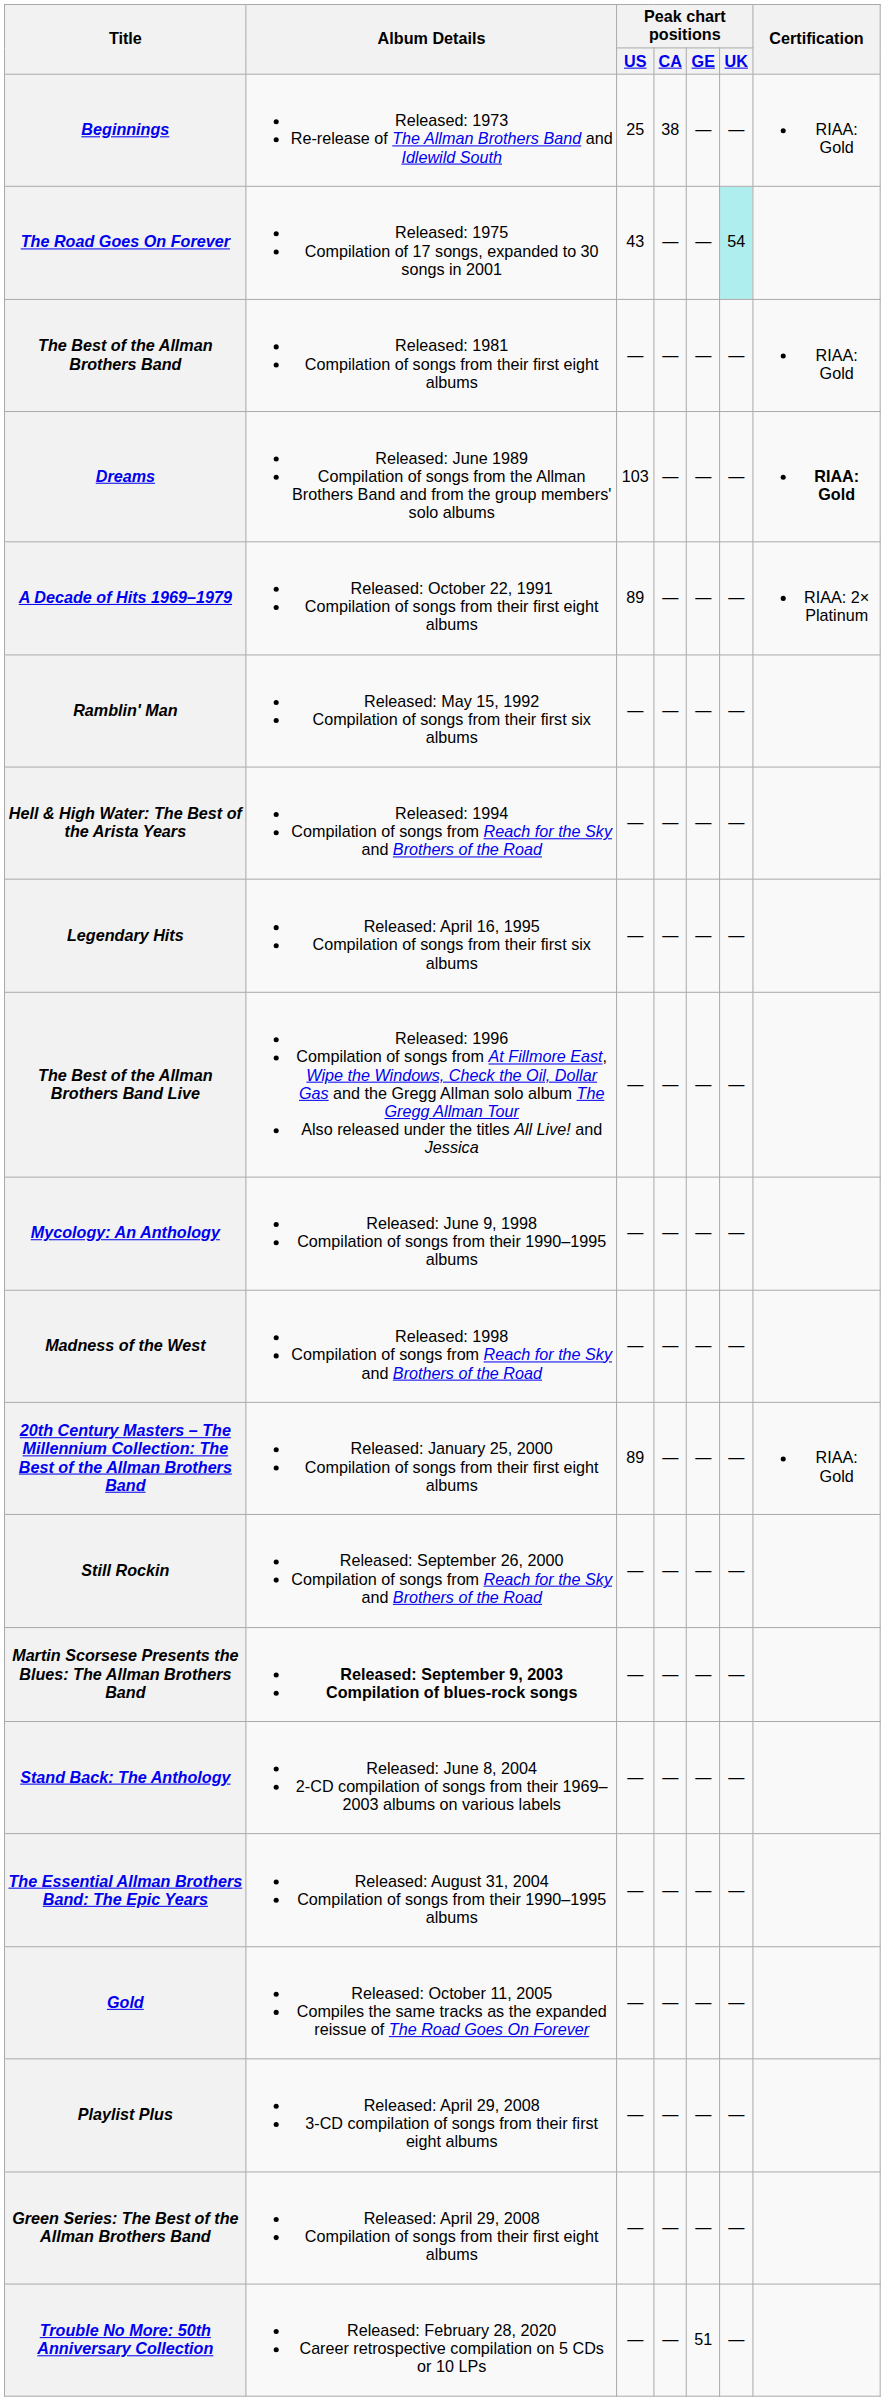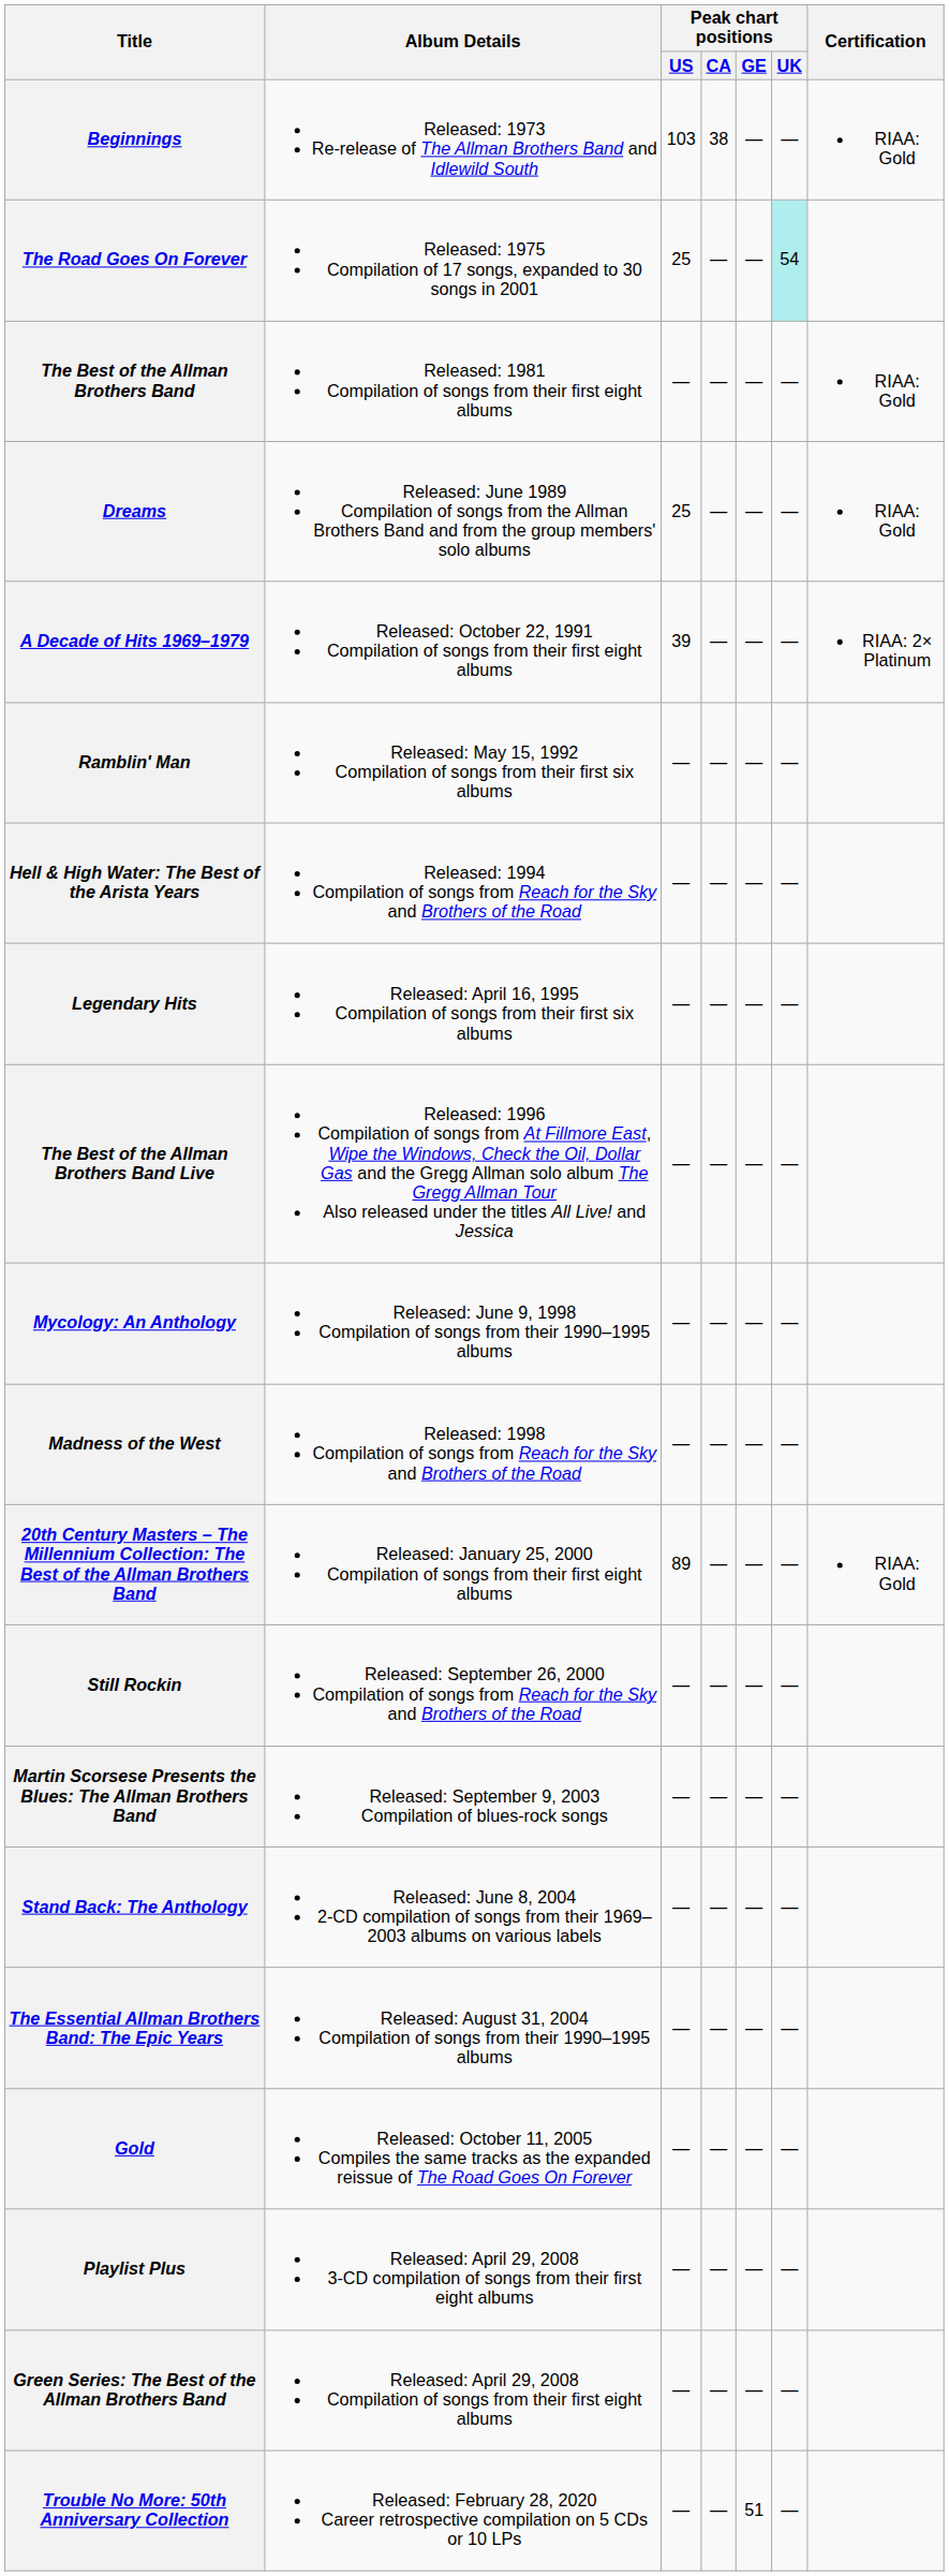 <table class="wikitable plainrowheaders" style="text-align:center;">
 <tr>
 <th rowspan="2">Title</th>
 <th rowspan="2">Album Details</th>
 <th colspan="4">Peak chart positions</th>
 <th rowspan="2">Certification</th>
 </tr>
 <tr>
 <th><a href='#'>US</a><br></th>
 <th><a href='#'>CA</a><br></th>
 <th><a href='#'>GE</a><br></th>
 <th><a href='#'>UK</a><br></th>
 </tr>
 <tr>
 <th scope="row"><em><a href='#'>Beginnings</a></em></th>
 <td><br><ul><li>Released: 1973</li><li>Re-release of <em><a href='#'>The Allman Brothers Band</a></em> and <em><a href='#'>Idlewild South</a></em></li></ul></td>
-<td>25</td>
+<td>103</td>
 <td>38</td>
 <td>—</td>
 <td>—</td>
 <td><br><ul><li>RIAA: Gold</li></ul></td>
 </tr>
 <tr>
 <th scope="row"><em><a href='#'>The Road Goes On Forever</a></em></th>
 <td><br><ul><li>Released: 1975</li><li>Compilation of 17 songs, expanded to 30 songs in 2001</li></ul></td>
-<td>43</td>
+<td>25</td>
 <td>—</td>
 <td>—</td>
 <td style="background: paleturquoise;">54</td>
 <td></td>
 </tr>
 <tr>
 <th scope="row"><em>The Best of the Allman Brothers Band</em></th>
 <td><br><ul><li>Released: 1981</li><li>Compilation of songs from their first eight albums</li></ul></td>
 <td>—</td>
 <td>—</td>
 <td>—</td>
 <td>—</td>
 <td><br><ul><li>RIAA: Gold</li></ul></td>
 </tr>
 <tr>
 <th scope="row"><em><a href='#'>Dreams</a></em></th>
 <td><br><ul><li>Released: June 1989</li><li>Compilation of songs from the Allman Brothers Band and from the group members' solo albums</li></ul></td>
-<td>103</td>
+<td>25</td>
 <td>—</td>
 <td>—</td>
 <td>—</td>
-<td><strong><br><ul><li>RIAA: Gold</li></ul></strong></td>
+<td><br><ul><li>RIAA: Gold</li></ul></td>
 </tr>
 <tr>
 <th scope="row"><em><a href='#'>A Decade of Hits 1969–1979</a></em></th>
 <td><br><ul><li>Released: October 22, 1991</li><li>Compilation of songs from their first eight albums</li></ul></td>
-<td>89</td>
+<td>39</td>
 <td>—</td>
 <td>—</td>
 <td>—</td>
 <td><br><ul><li>RIAA: 2× Platinum</li></ul></td>
 </tr>
 <tr>
 <th scope="row"><em>Ramblin' Man</em></th>
 <td><br><ul><li>Released: May 15, 1992</li><li>Compilation of songs from their first six albums</li></ul></td>
 <td>—</td>
 <td>—</td>
 <td>—</td>
 <td>—</td>
 <td></td>
 </tr>
 <tr>
 <th scope="row"><em>Hell & High Water: The Best of the Arista Years</em></th>
 <td><br><ul><li>Released: 1994</li><li>Compilation of songs from <em><a href='#'>Reach for the Sky</a></em> and <em><a href='#'>Brothers of the Road</a></em></li></ul></td>
 <td>—</td>
 <td>—</td>
 <td>—</td>
 <td>—</td>
 <td></td>
 </tr>
 <tr>
 <th scope="row"><em>Legendary Hits</em></th>
 <td><br><ul><li>Released: April 16, 1995</li><li>Compilation of songs from their first six albums</li></ul></td>
 <td>—</td>
 <td>—</td>
 <td>—</td>
 <td>—</td>
 <td></td>
 </tr>
 <tr>
 <th scope="row"><em>The Best of the Allman Brothers Band Live</em></th>
 <td><br><ul><li>Released: 1996</li><li>Compilation of songs from <em><a href='#'>At Fillmore East</a></em>, <em><a href='#'>Wipe the Windows, Check the Oil, Dollar Gas</a></em> and the Gregg Allman solo album <em><a href='#'>The Gregg Allman Tour</a></em></li><li>Also released under the titles <em>All Live!</em> and <em>Jessica</em></li></ul></td>
 <td>—</td>
 <td>—</td>
 <td>—</td>
 <td>—</td>
 <td></td>
 </tr>
 <tr>
 <th scope="row"><em><a href='#'>Mycology: An Anthology</a></em></th>
 <td><br><ul><li>Released: June 9, 1998</li><li>Compilation of songs from their 1990–1995 albums</li></ul></td>
 <td>—</td>
 <td>—</td>
 <td>—</td>
 <td>—</td>
 <td></td>
 </tr>
 <tr>
 <th scope="row"><em>Madness of the West</em></th>
 <td><br><ul><li>Released: 1998</li><li>Compilation of songs from <em><a href='#'>Reach for the Sky</a></em> and <em><a href='#'>Brothers of the Road</a></em></li></ul></td>
 <td>—</td>
 <td>—</td>
 <td>—</td>
 <td>—</td>
 <td></td>
 </tr>
 <tr>
 <th scope="row"><em><a href='#'>20th Century Masters – The Millennium Collection: The Best of the Allman Brothers Band</a></em></th>
 <td><br><ul><li>Released: January 25, 2000</li><li>Compilation of songs from their first eight albums</li></ul></td>
 <td>89</td>
 <td>—</td>
 <td>—</td>
 <td>—</td>
 <td><br><ul><li>RIAA: Gold</li></ul></td>
 </tr>
 <tr>
 <th scope="row"><em>Still Rockin</em></th>
 <td><br><ul><li>Released: September 26, 2000</li><li>Compilation of songs from <em><a href='#'>Reach for the Sky</a></em> and <em><a href='#'>Brothers of the Road</a></em></li></ul></td>
 <td>—</td>
 <td>—</td>
 <td>—</td>
 <td>—</td>
 <td></td>
 </tr>
 <tr>
 <th scope="row"><em>Martin Scorsese Presents the Blues: The Allman Brothers Band</em></th>
-<td><strong><br><ul><li>Released: September 9, 2003</li><li>Compilation of blues-rock songs</li></ul></strong></td>
+<td><br><ul><li>Released: September 9, 2003</li><li>Compilation of blues-rock songs</li></ul></td>
 <td>—</td>
 <td>—</td>
 <td>—</td>
 <td>—</td>
 <td></td>
 </tr>
 <tr>
 <th scope="row"><em><a href='#'>Stand Back: The Anthology</a></em></th>
 <td><br><ul><li>Released: June 8, 2004</li><li>2-CD compilation of songs from their 1969–2003 albums on various labels</li></ul></td>
 <td>—</td>
 <td>—</td>
 <td>—</td>
 <td>—</td>
 <td></td>
 </tr>
 <tr>
 <th scope="row"><em><a href='#'>The Essential Allman Brothers Band: The Epic Years</a></em></th>
 <td><br><ul><li>Released: August 31, 2004</li><li>Compilation of songs from their 1990–1995 albums</li></ul></td>
 <td>—</td>
 <td>—</td>
 <td>—</td>
 <td>—</td>
 <td></td>
 </tr>
 <tr>
 <th scope="row"><em><a href='#'>Gold</a></em></th>
 <td><br><ul><li>Released: October 11, 2005</li><li>Compiles the same tracks as the expanded reissue of <em><a href='#'>The Road Goes On Forever</a></em></li></ul></td>
 <td>—</td>
 <td>—</td>
 <td>—</td>
 <td>—</td>
 <td></td>
 </tr>
 <tr>
 <th scope="row"><em>Playlist Plus</em></th>
 <td><br><ul><li>Released: April 29, 2008</li><li>3-CD compilation of songs from their first eight albums</li></ul></td>
 <td>—</td>
 <td>—</td>
 <td>—</td>
 <td>—</td>
 <td></td>
 </tr>
 <tr>
 <th scope="row"><em>Green Series: The Best of the Allman Brothers Band</em></th>
 <td><br><ul><li>Released: April 29, 2008</li><li>Compilation of songs from their first eight albums</li></ul></td>
 <td>—</td>
 <td>—</td>
 <td>—</td>
 <td>—</td>
 <td></td>
 </tr>
 <tr>
 <th scope="row"><em><a href='#'>Trouble No More: 50th Anniversary Collection</a></em></th>
 <td><br><ul><li>Released: February 28, 2020</li><li>Career retrospective compilation on 5 CDs or 10 LPs</li></ul></td>
 <td>—</td>
 <td>—</td>
 <td>51</td>
 <td>—</td>
 <td></td>
 </tr>
 </table>
